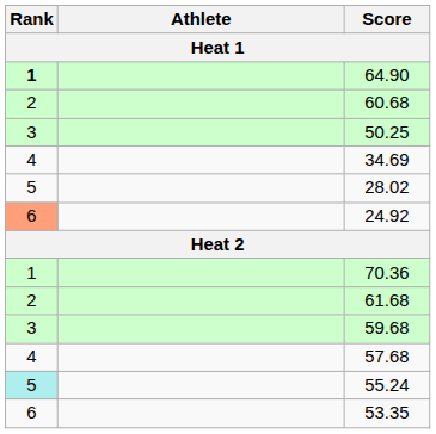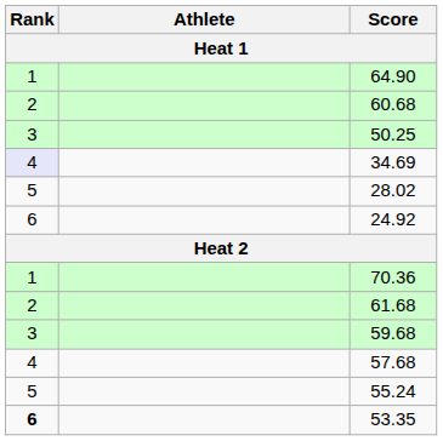 <table class=wikitable style="text-align:center">
 <tr>
 <th width=40>Rank</th>
 <th width=250>Athlete</th>
 <th width=70>Score</th>
 </tr>
 <tr>
 <th colspan=3>Heat 1</th>
 </tr>
 <tr bgcolor="ccffcc">
-<td><strong>1</strong></td>
+<td>1</td>
 <td align=left></td>
 <td>64.90</td>
 </tr>
 <tr bgcolor="ccffcc">
 <td>2</td>
 <td align=left></td>
 <td>60.68</td>
 </tr>
 <tr bgcolor="ccffcc">
 <td>3</td>
 <td align=left></td>
 <td>50.25</td>
 </tr>
 <tr>
-<td>4</td>
+<td style="background: lavender;">4</td>
 <td align=left></td>
 <td>34.69</td>
 </tr>
 <tr>
 <td>5</td>
 <td align=left></td>
 <td>28.02</td>
 </tr>
 <tr>
-<td style="background: lightsalmon;">6</td>
+<td>6</td>
 <td align=left></td>
 <td>24.92</td>
 </tr>
 <tr>
 <th colspan=3>Heat 2</th>
 </tr>
 <tr bgcolor="ccffcc">
 <td>1</td>
 <td align=left></td>
 <td>70.36</td>
 </tr>
 <tr bgcolor="ccffcc">
 <td>2</td>
 <td align=left></td>
 <td>61.68</td>
 </tr>
 <tr bgcolor="ccffcc">
 <td>3</td>
 <td align=left></td>
 <td>59.68</td>
 </tr>
 <tr>
 <td>4</td>
 <td align=left></td>
 <td>57.68</td>
 </tr>
 <tr>
-<td style="background: paleturquoise;">5</td>
+<td>5</td>
 <td align=left></td>
 <td>55.24</td>
 </tr>
 <tr>
-<td>6</td>
+<td><strong>6</strong></td>
 <td align=left></td>
 <td>53.35</td>
 </tr>
 </table>
